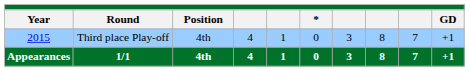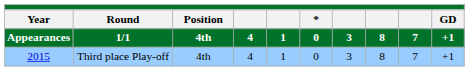 <table class="wikitable" style="text-align: center;font-size:90%;">
 <tr>
 <th colspan="10" style="background: #007229; color: #FFFFFF;"><a href='#'></a></th>
 </tr>
 <tr>
 <th width=70>Year</th>
 <th width=120>Round</th>
 <th width=70>Position</th>
 <th width=35></th>
 <th width=35></th>
 <th width=35>*</th>
 <th width=35></th>
 <th width=35></th>
 <th width=35></th>
 <th width=35>GD</th>
 </tr>
+<tr>
+<td colspan=1 style="background: #007229; color: #FFFFFF;"><strong>Appearances</strong></td>
+<td style="background: #007229; color: #FFFFFF;"><strong>1/1</strong></td>
+<td style="background: #007229; color: #FFFFFF;"><strong>4th</strong></td>
+<td style="background: #007229; color: #FFFFFF;"><strong>4</strong></td>
+<td style="background: #007229; color: #FFFFFF;"><strong>1</strong></td>
+<td style="background: #007229; color: #FFFFFF;"><strong>0</strong></td>
+<td style="background: #007229; color: #FFFFFF;"><strong>3</strong></td>
+<td style="background: #007229; color: #FFFFFF;"><strong>8</strong></td>
+<td style="background: #007229; color: #FFFFFF;"><strong>7</strong></td>
+<td style="background: #007229; color: #FFFFFF;"><strong>+1</strong></td>
+</tr>
 <tr bgcolor=9acdff>
 <td> <a href='#'>2015</a></td>
 <td>Third place Play-off</td>
 <td>4th</td>
 <td>4</td>
 <td>1</td>
 <td>0</td>
 <td>3</td>
 <td>8</td>
 <td>7</td>
 <td>+1</td>
 </tr>
-<tr>
-<td colspan=1 style="background: #007229; color: #FFFFFF;"><strong>Appearances</strong></td>
-<td style="background: #007229; color: #FFFFFF;"><strong>1/1</strong></td>
-<td style="background: #007229; color: #FFFFFF;"><strong>4th</strong></td>
-<td style="background: #007229; color: #FFFFFF;"><strong>4</strong></td>
-<td style="background: #007229; color: #FFFFFF;"><strong>1</strong></td>
-<td style="background: #007229; color: #FFFFFF;"><strong>0</strong></td>
-<td style="background: #007229; color: #FFFFFF;"><strong>3</strong></td>
-<td style="background: #007229; color: #FFFFFF;"><strong>8</strong></td>
-<td style="background: #007229; color: #FFFFFF;"><strong>7</strong></td>
-<td style="background: #007229; color: #FFFFFF;"><strong>+1</strong></td>
-</tr>
 </table>
